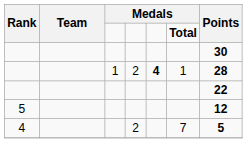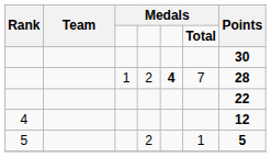 <table class="wikitable">
 <tr>
 <th rowspan=2>Rank</th>
 <th style="width:80px;" rowspan="2">Team</th>
 <th colspan=4>Medals</th>
 <th rowspan=2>Points</th>
 </tr>
 <tr>
 <td style="width:20px; text-align:center;"></td>
 <td style="width:20px; text-align:center;"></td>
 <td style="width:20px; text-align:center;"></td>
 <td><strong>Total</strong></td>
 </tr>
 <tr>
 <td align=center></td>
 <td></td>
 <td align=center></td>
 <td align=center></td>
 <td align=center></td>
 <td align=center></td>
 <td align=center><strong>30</strong></td>
 </tr>
 <tr>
 <td align=center></td>
 <td></td>
 <td align=center>1</td>
 <td align=center>2</td>
 <td align=center><strong>4</strong></td>
-<td align=center>1</td>
+<td align=center>7</td>
 <td align=center><strong>28</strong></td>
 </tr>
 <tr>
 <td align=center></td>
 <td></td>
 <td align=center></td>
 <td align=center></td>
 <td align=center></td>
 <td align=center></td>
 <td align=center><strong>22</strong></td>
 </tr>
 <tr>
-<td align=center>5</td>
+<td align=center>4</td>
 <td><strong></strong></td>
 <td align=center></td>
 <td align=center></td>
 <td align=center></td>
 <td align=center></td>
 <td align=center><strong>12</strong></td>
 </tr>
 <tr>
-<td align=center>4</td>
+<td align=center>5</td>
 <td></td>
 <td align=center></td>
 <td align=center>2</td>
 <td align=center></td>
-<td align=center>7</td>
+<td align=center>1</td>
 <td align=center><strong>5</strong></td>
 </tr>
 <tr>
 </tr>
 </table>
